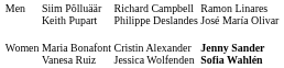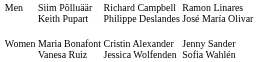 <table>
 <tr>
 <td>Men</td>
 <td><br>Siim Põlluäär<br>Keith Pupart</td>
 <td><br>Richard Campbell<br>Philippe Deslandes</td>
 <td><br>Ramon Linares<br>José María Olivar</td>
 </tr>
 <tr>
 <td>Women</td>
 <td><br>Maria Bonafont<br>Vanesa Ruiz</td>
 <td><br>Cristin Alexander<br>Jessica Wolfenden</td>
-<td><strong><br>Jenny Sander<br>Sofia Wahlén</strong></td>
+<td><br>Jenny Sander<br>Sofia Wahlén</td>
 </tr>
 </table>
